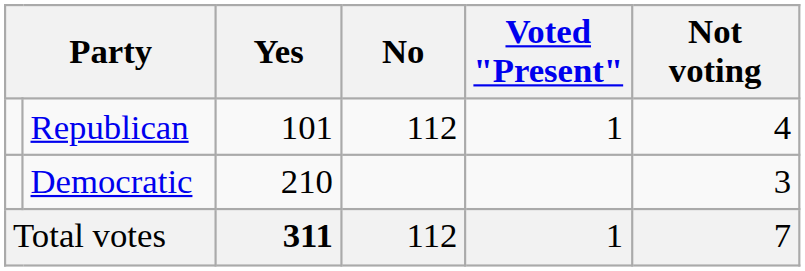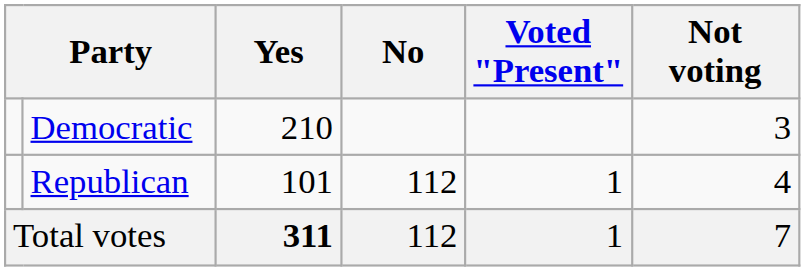 <table class="wikitable" style="margin-right: 1em; background: #f9f9f9; text-align: right;">
 <tr>
 <th colspan="2" scope="col" style="width: 90px">Party</th>
 <th scope="col" style="width: 50px">Yes</th>
 <th scope="col" style="width: 50px">No</th>
 <th scope="col" style="width: 50px"><a href='#'>Voted "Present"</a></th>
 <th scope="col" style="width: 70px">Not voting</th>
 </tr>
 <tr>
 <td scope="row" style="background-color:"></td>
+<td scope="row" style="text-align: left;"><a href='#'>Democratic</a></td>
+<td>210</td>
+<td></td>
+<td></td>
+<td>3</td>
+</tr>
+<tr>
+<td scope="row" style="background-color:"></td>
 <td scope="row" style="text-align: left;"><a href='#'>Republican</a></td>
 <td>101</td>
 <td>112</td>
 <td>1</td>
 <td>4</td>
-</tr>
-<tr>
-<td scope="row" style="background-color:"></td>
-<td scope="row" style="text-align: left;"><a href='#'>Democratic</a></td>
-<td>210</td>
-<td></td>
-<td></td>
-<td>3</td>
 </tr>
 <tr class="tfoot" style="background:#f2f2f2;">
 <td scope="row" colspan="2" style="text-align:left;">Total votes</td>
 <td><strong>311</strong></td>
 <td>112</td>
 <td>1</td>
 <td>7</td>
 </tr>
 </table>
